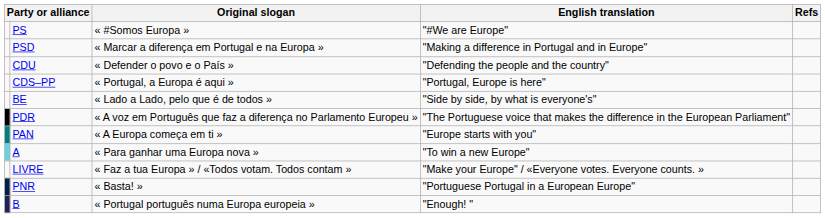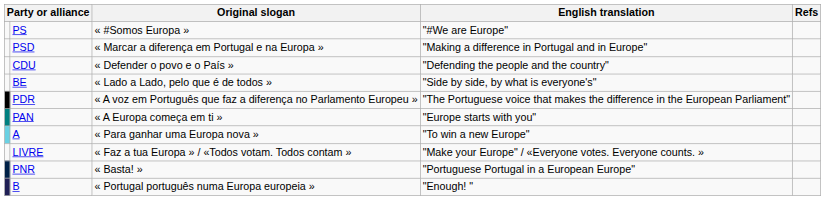 <table class="wikitable" style="font-size:97%; text-align:left;">
 <tr>
 <th style="text-align:left;" colspan="2">Party or alliance</th>
 <th>Original slogan</th>
 <th>English translation</th>
 <th>Refs</th>
 </tr>
 <tr>
 <td width="1" style="color:inherit;background:"></td>
 <td><a href='#'>PS</a></td>
 <td>« #Somos Europa »</td>
 <td>"#We are Europe"</td>
 <td></td>
 </tr>
 <tr>
 <td style="color:inherit;background:"></td>
 <td><a href='#'>PSD</a></td>
 <td>« Marcar a diferença em Portugal e na Europa »</td>
 <td>"Making a difference in Portugal and in Europe"</td>
 <td></td>
 </tr>
 <tr>
 <td style="color:inherit;background:"></td>
 <td><a href='#'>CDU</a></td>
 <td>« Defender o povo e o País »</td>
 <td>"Defending the people and the country"</td>
-<td></td>
-</tr>
-<tr>
-<td style="color:inherit;background:"></td>
-<td><a href='#'>CDS–PP</a></td>
-<td>« Portugal, a Europa é aqui »</td>
-<td>"Portugal, Europe is here"</td>
 <td></td>
 </tr>
 <tr>
 <td style="color:inherit;background:"></td>
 <td><a href='#'>BE</a></td>
 <td>« Lado a Lado, pelo que é de todos »</td>
 <td>"Side by side, by what is everyone's"</td>
 <td></td>
 </tr>
 <tr>
 <td bgcolor="black"></td>
 <td><a href='#'>PDR</a></td>
 <td>« A voz em Português que faz a diferença no Parlamento Europeu »</td>
 <td>"The Portuguese voice that makes the difference in the European Parliament"</td>
 <td></td>
 </tr>
 <tr>
 <td bgcolor="teal"></td>
 <td><a href='#'>PAN</a></td>
 <td>« A Europa começa em ti »</td>
 <td>"Europe starts with you"</td>
 <td></td>
 </tr>
 <tr>
 <td style="color:inherit;background:#6AD1E3"></td>
 <td><a href='#'>A</a></td>
 <td>« Para ganhar uma Europa nova »</td>
 <td>"To win a new Europe"</td>
 <td></td>
 </tr>
 <tr>
 <td style="color:inherit;background:"></td>
 <td><a href='#'>LIVRE</a></td>
 <td>« Faz a tua Europa » / «Todos votam. Todos contam »</td>
 <td>"Make your Europe" / «Everyone votes. Everyone counts. »</td>
 <td></td>
 </tr>
 <tr>
 <td style="color:inherit;background:#002147"></td>
 <td><a href='#'>PNR</a></td>
 <td>« Basta! »</td>
 <td>"Portuguese Portugal in a European Europe"</td>
 <td></td>
 </tr>
 <tr>
 <td style="color:inherit;background:#202056"></td>
 <td><a href='#'>B</a></td>
 <td>« Portugal português numa Europa europeia »</td>
 <td>"Enough! "</td>
 <td></td>
 </tr>
 </table>
